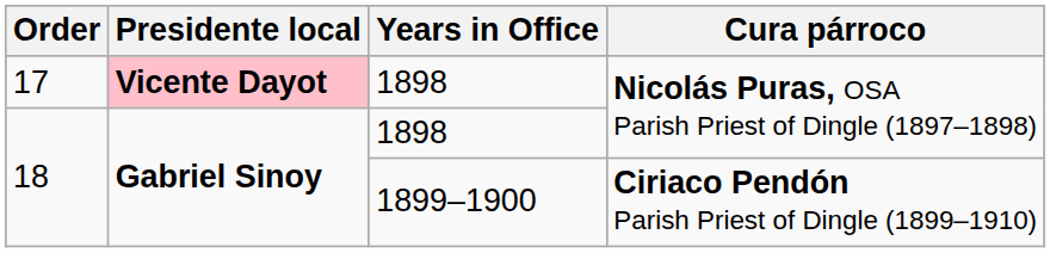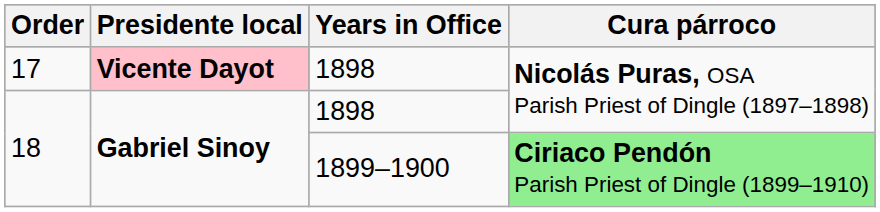 <table class="wikitable">
 <tr>
 <th>Order</th>
 <th>Presidente local</th>
 <th>Years in Office</th>
 <th>Cura párroco</th>
 </tr>
 <tr>
 <td>17</td>
 <td style="background: pink;"><strong>Vicente Dayot</strong></td>
 <td>1898</td>
 <td rowspan="2"><strong>Nicolás Puras,</strong> <small>OSA</small><br><small>Parish Priest of Dingle (1897–1898)</small></td>
 </tr>
 <tr>
 <td rowspan="2">18</td>
 <td rowspan="2"><strong>Gabriel Sinoy</strong></td>
 <td>1898</td>
 </tr>
 <tr>
 <td>1899–1900</td>
-<td><strong>Ciriaco Pendón</strong><br><small>Parish Priest of Dingle (1899–1910)</small></td>
+<td style="background: lightgreen;"><strong>Ciriaco Pendón</strong><br><small>Parish Priest of Dingle (1899–1910)</small></td>
 </tr>
 </table>
